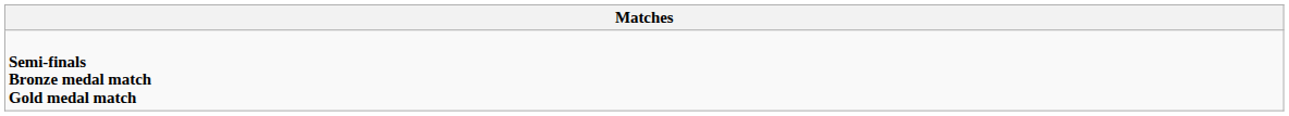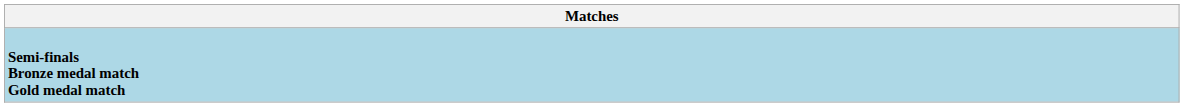 <table class="wikitable collapsible collapsed" style="width:100%;">
 <tr>
 <th>Matches</th>
 </tr>
 <tr>
-<td><br><strong>Semi-finals</strong>  <br><strong>Bronze medal match</strong> <br><strong>Gold medal match</strong> </td>
+<td style="background: lightblue;"><br><strong>Semi-finals</strong>  <br><strong>Bronze medal match</strong> <br><strong>Gold medal match</strong> </td>
 </tr>
 </table>
